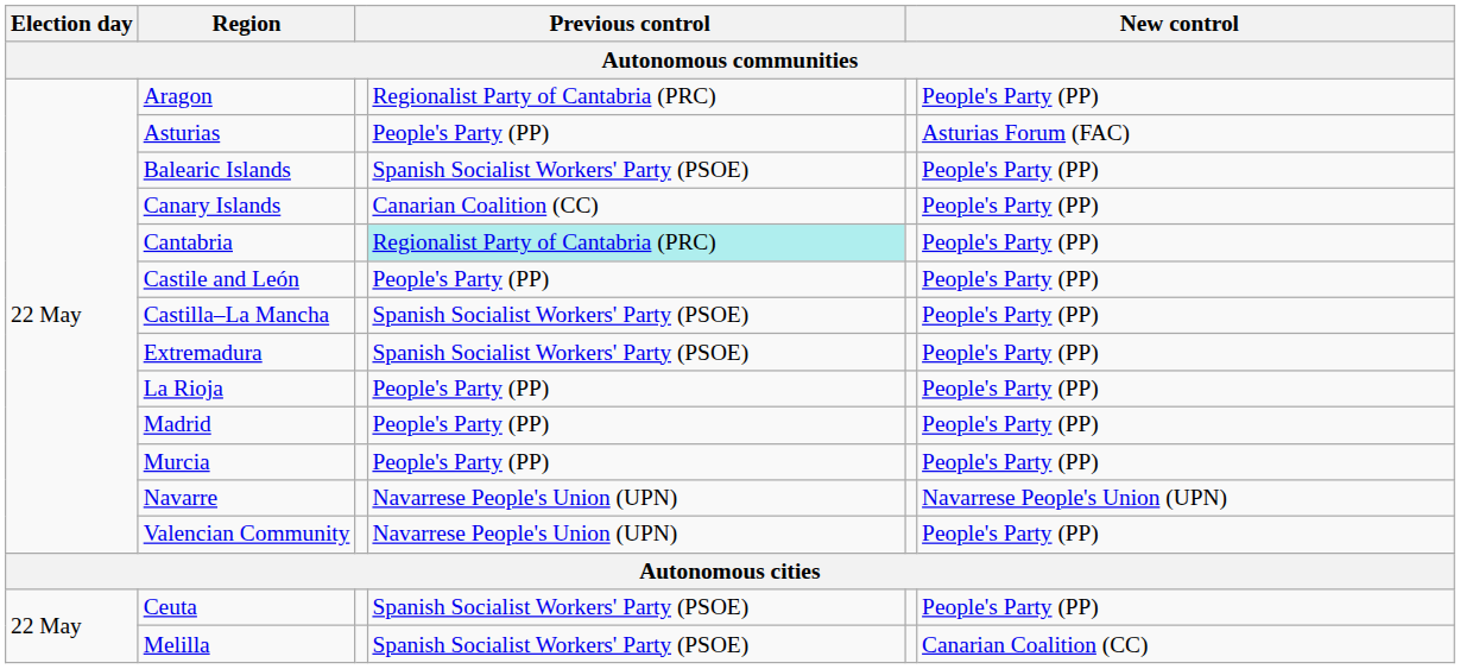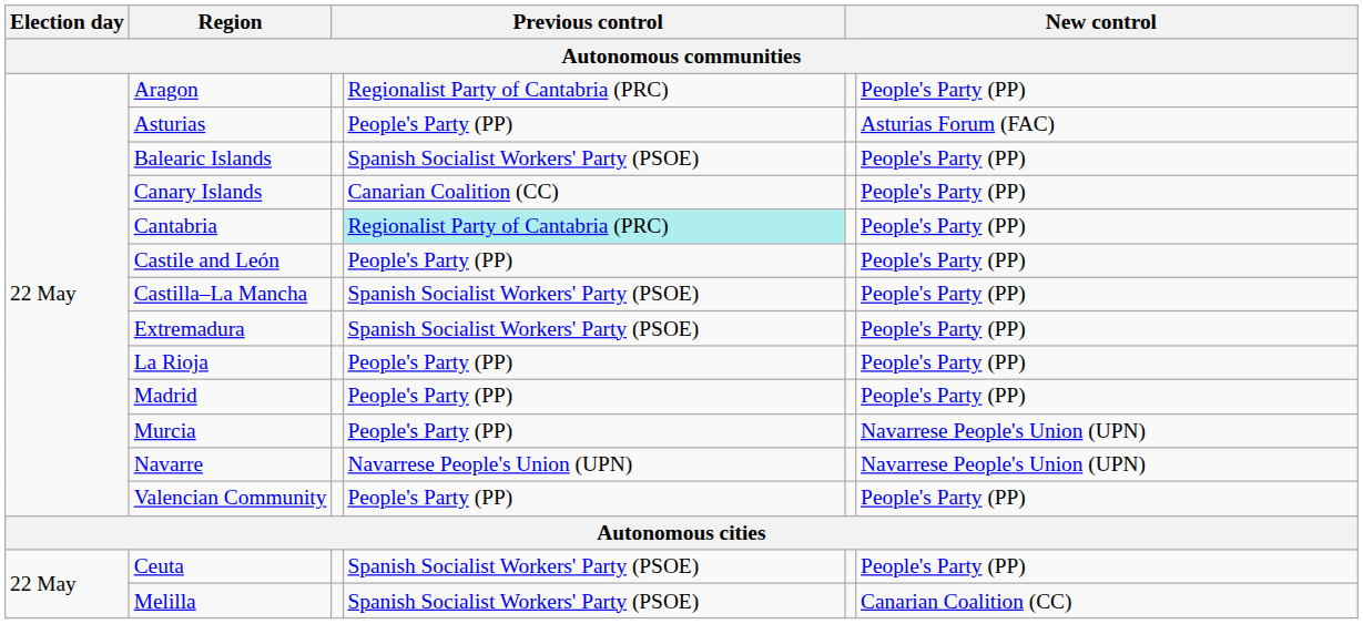 <table class="wikitable">
 <tr>
 <th>Election day</th>
 <th>Region</th>
 <th colspan="2" style="width:375px;">Previous control</th>
 <th colspan="2" style="width:375px;">New control</th>
 </tr>
 <tr>
 <th colspan="6">Autonomous communities</th>
 </tr>
 <tr>
 <td rowspan="13">22 May</td>
 <td><a href='#'>Aragon</a></td>
 <td width="1" style="color:inherit;background:"></td>
 <td><a href='#'>Regionalist Party of Cantabria</a> (PRC)</td>
 <td width="1" style="color:inherit;background:"></td>
 <td><a href='#'>People's Party</a> (PP)</td>
 </tr>
 <tr>
 <td><a href='#'>Asturias</a></td>
 <td style="color:inherit;background:"></td>
 <td><a href='#'>People's Party</a> (PP)</td>
 <td style="color:inherit;background:"></td>
 <td><a href='#'>Asturias Forum</a> (FAC)</td>
 </tr>
 <tr>
 <td><a href='#'>Balearic Islands</a></td>
 <td style="color:inherit;background:"></td>
 <td><a href='#'>Spanish Socialist Workers' Party</a> (PSOE)</td>
 <td style="color:inherit;background:"></td>
 <td><a href='#'>People's Party</a> (PP)</td>
 </tr>
 <tr>
 <td><a href='#'>Canary Islands</a></td>
 <td style="color:inherit;background:"></td>
 <td><a href='#'>Canarian Coalition</a> (CC)</td>
 <td style="color:inherit;background:"></td>
 <td><a href='#'>People's Party</a> (PP)</td>
 </tr>
 <tr>
 <td><a href='#'>Cantabria</a></td>
 <td style="color:inherit;background:"></td>
 <td style="background: paleturquoise;"><a href='#'>Regionalist Party of Cantabria</a> (PRC)</td>
 <td style="color:inherit;background:"></td>
 <td><a href='#'>People's Party</a> (PP)</td>
 </tr>
 <tr>
 <td><a href='#'>Castile and León</a></td>
 <td style="color:inherit;background:"></td>
 <td><a href='#'>People's Party</a> (PP)</td>
 <td style="color:inherit;background:"></td>
 <td><a href='#'>People's Party</a> (PP)</td>
 </tr>
 <tr>
 <td><a href='#'>Castilla–La Mancha</a></td>
 <td style="color:inherit;background:"></td>
 <td><a href='#'>Spanish Socialist Workers' Party</a> (PSOE)</td>
 <td style="color:inherit;background:"></td>
 <td><a href='#'>People's Party</a> (PP)</td>
 </tr>
 <tr>
 <td><a href='#'>Extremadura</a></td>
 <td style="color:inherit;background:"></td>
 <td><a href='#'>Spanish Socialist Workers' Party</a> (PSOE)</td>
 <td style="color:inherit;background:"></td>
 <td><a href='#'>People's Party</a> (PP)</td>
 </tr>
 <tr>
 <td><a href='#'>La Rioja</a></td>
 <td style="color:inherit;background:"></td>
 <td><a href='#'>People's Party</a> (PP)</td>
 <td style="color:inherit;background:"></td>
 <td><a href='#'>People's Party</a> (PP)</td>
 </tr>
 <tr>
 <td><a href='#'>Madrid</a></td>
 <td style="color:inherit;background:"></td>
 <td><a href='#'>People's Party</a> (PP)</td>
 <td style="color:inherit;background:"></td>
 <td><a href='#'>People's Party</a> (PP)</td>
 </tr>
 <tr>
 <td><a href='#'>Murcia</a></td>
 <td style="color:inherit;background:"></td>
 <td><a href='#'>People's Party</a> (PP)</td>
 <td style="color:inherit;background:"></td>
-<td><a href='#'>People's Party</a> (PP)</td>
+<td><a href='#'>Navarrese People's Union</a> (UPN)</td>
 </tr>
 <tr>
 <td><a href='#'>Navarre</a></td>
 <td style="color:inherit;background:"></td>
 <td><a href='#'>Navarrese People's Union</a> (UPN)</td>
 <td style="color:inherit;background:"></td>
 <td><a href='#'>Navarrese People's Union</a> (UPN)</td>
 </tr>
 <tr>
 <td><a href='#'>Valencian Community</a></td>
 <td style="color:inherit;background:"></td>
-<td><a href='#'>Navarrese People's Union</a> (UPN)</td>
+<td><a href='#'>People's Party</a> (PP)</td>
 <td style="color:inherit;background:"></td>
 <td><a href='#'>People's Party</a> (PP)</td>
 </tr>
 <tr>
 <th colspan="6">Autonomous cities</th>
 </tr>
 <tr>
 <td rowspan="2">22 May</td>
 <td><a href='#'>Ceuta</a></td>
 <td style="color:inherit;background:"></td>
 <td><a href='#'>Spanish Socialist Workers' Party</a> (PSOE)</td>
 <td style="color:inherit;background:"></td>
 <td><a href='#'>People's Party</a> (PP)</td>
 </tr>
 <tr>
 <td><a href='#'>Melilla</a></td>
 <td style="color:inherit;background:"></td>
 <td><a href='#'>Spanish Socialist Workers' Party</a> (PSOE)</td>
 <td style="color:inherit;background:"></td>
 <td><a href='#'>Canarian Coalition</a> (CC)</td>
 </tr>
 </table>
